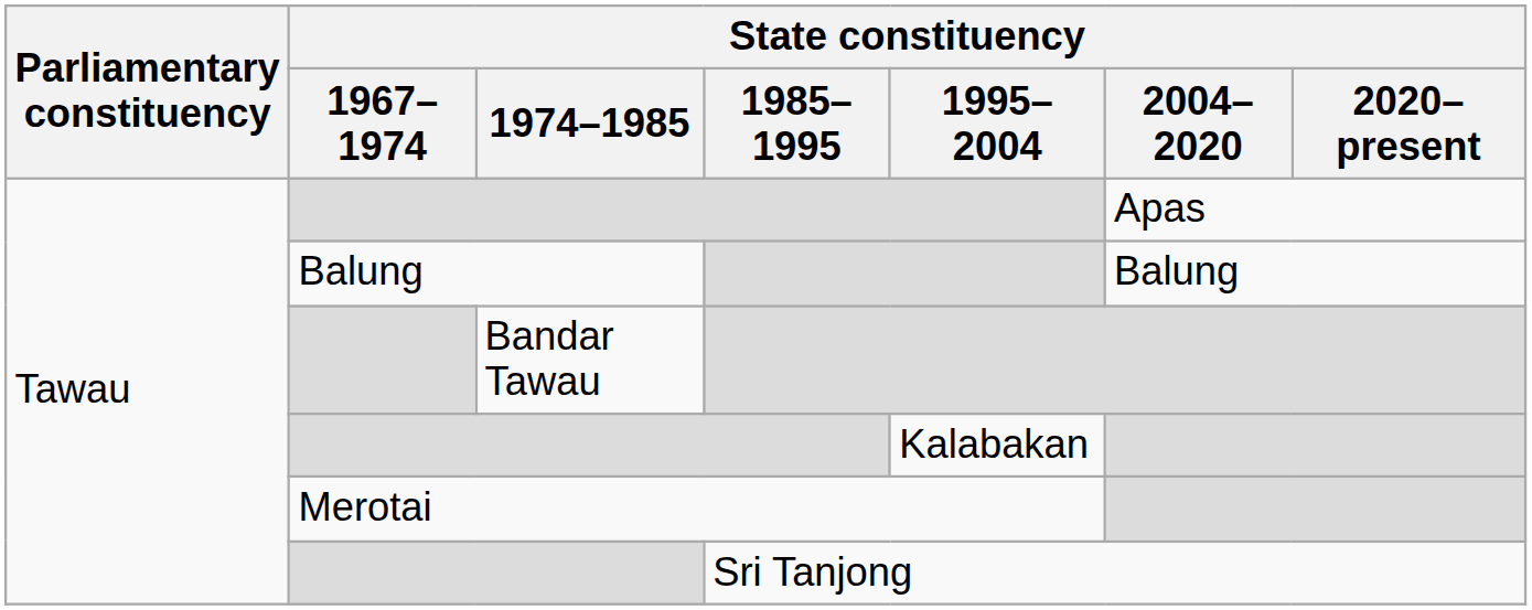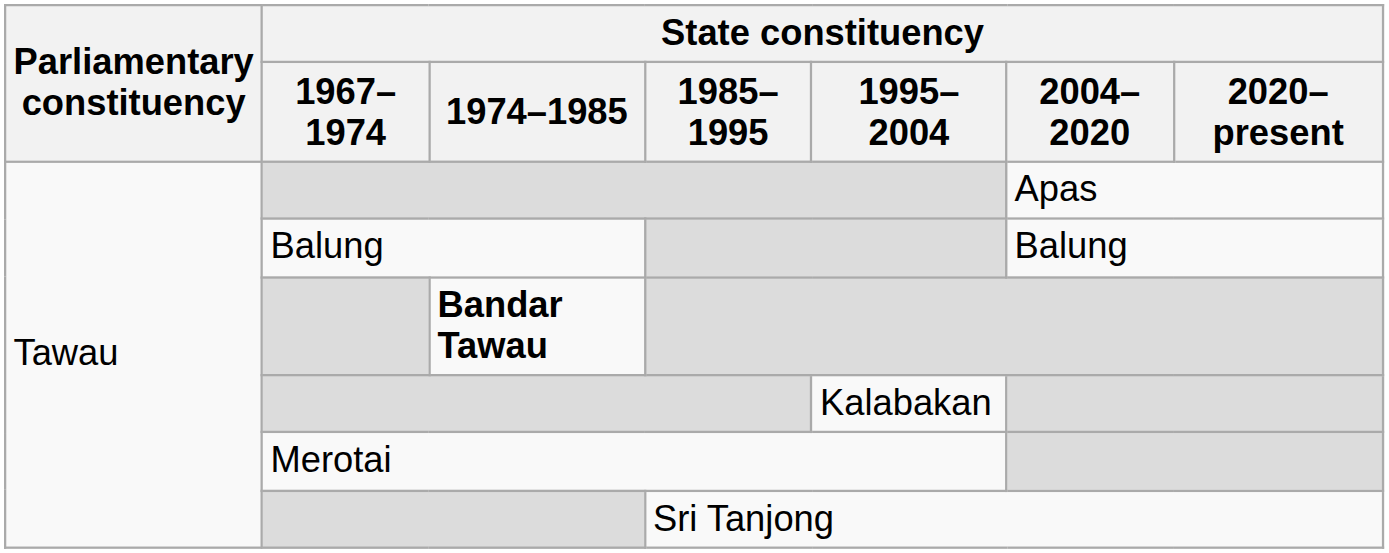 <table class=wikitable>
 <tr>
 <th rowspan=2>Parliamentary<br>constituency</th>
 <th colspan=6>State constituency</th>
 </tr>
 <tr>
 <th>1967–1974</th>
 <th>1974–1985</th>
 <th>1985–1995</th>
 <th>1995–2004</th>
 <th>2004–2020</th>
 <th>2020–present</th>
 </tr>
 <tr>
 <td rowspan=6>Tawau</td>
 <td colspan=4 bgcolor=dcdcdc></td>
 <td colspan=2>Apas</td>
 </tr>
 <tr>
 <td colspan=2>Balung</td>
 <td colspan=2 bgcolor=dcdcdc></td>
 <td colspan=2>Balung</td>
 </tr>
 <tr>
 <td bgcolor=dcdcdc></td>
-<td>Bandar Tawau</td>
+<td><strong>Bandar Tawau</strong></td>
 <td colspan=4 bgcolor=dcdcdc></td>
 </tr>
 <tr>
 <td colspan=3 bgcolor=dcdcdc></td>
 <td>Kalabakan</td>
 <td colspan=2 bgcolor=dcdcdc></td>
 </tr>
 <tr>
 <td colspan=4>Merotai</td>
 <td colspan=2 bgcolor=dcdcdc></td>
 </tr>
 <tr>
 <td colspan=2 bgcolor=dcdcdc></td>
 <td colspan=4>Sri Tanjong</td>
 </tr>
 </table>
